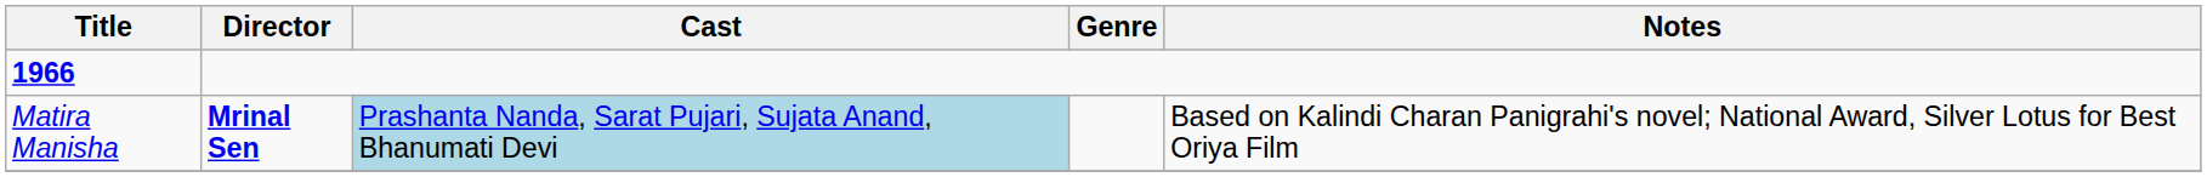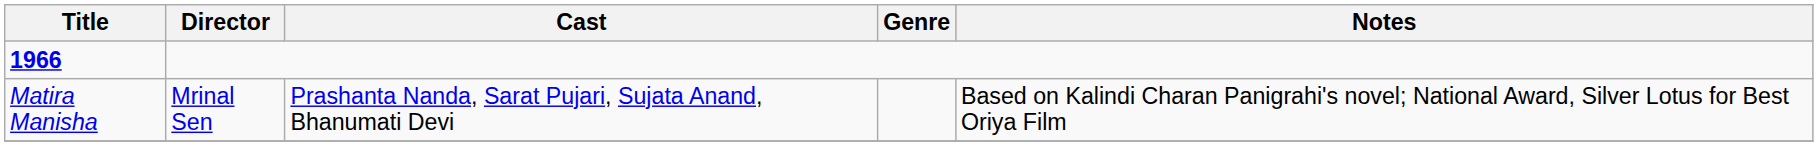 <table class="wikitable">
 <tr>
 <th>Title</th>
 <th>Director</th>
 <th>Cast</th>
 <th>Genre</th>
 <th>Notes</th>
 </tr>
 <tr>
 <td><strong><a href='#'>1966</a></strong></td>
 </tr>
 <tr>
 <td><em><a href='#'>Matira Manisha</a></em></td>
-<td><strong><a href='#'>Mrinal Sen</a></strong></td>
-<td style="background: lightblue;"><a href='#'>Prashanta Nanda</a>, <a href='#'>Sarat Pujari</a>, <a href='#'>Sujata Anand</a>, Bhanumati Devi</td>
+<td><a href='#'>Mrinal Sen</a></td>
+<td><a href='#'>Prashanta Nanda</a>, <a href='#'>Sarat Pujari</a>, <a href='#'>Sujata Anand</a>, Bhanumati Devi</td>
 <td></td>
 <td>Based on Kalindi Charan Panigrahi's novel; National Award, Silver Lotus for Best Oriya Film</td>
 </tr>
 <tr>
 </tr>
 </table>
